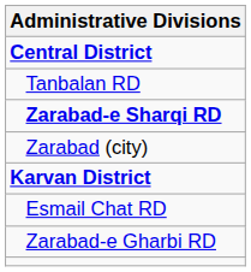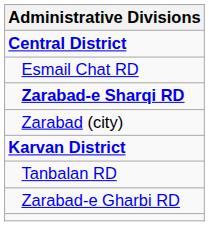 <table class="wikitable">
 <tr>
 <th>Administrative Divisions</th>
 </tr>
 <tr>
 <td><strong><a href='#'>Central District</a></strong></td>
 </tr>
 <tr>
-<td style="padding-left: 1em;"><a href='#'>Tanbalan RD</a></td>
+<td style="padding-left: 1em;"><a href='#'>Esmail Chat RD</a></td>
 </tr>
 <tr>
 <td style="padding-left: 1em;"><strong><a href='#'>Zarabad-e Sharqi RD</a></strong></td>
 </tr>
 <tr>
 <td style="padding-left: 1em;"><a href='#'>Zarabad</a> (city)</td>
 </tr>
 <tr>
 <td><strong><a href='#'>Karvan District</a></strong></td>
 </tr>
 <tr>
-<td style="padding-left: 1em;"><a href='#'>Esmail Chat RD</a></td>
+<td style="padding-left: 1em;"><a href='#'>Tanbalan RD</a></td>
 </tr>
 <tr>
 <td style="padding-left: 1em;"><a href='#'>Zarabad-e Gharbi RD</a></td>
 </tr>
 <tr>
 <td colspan=1></td>
 </tr>
 </table>
